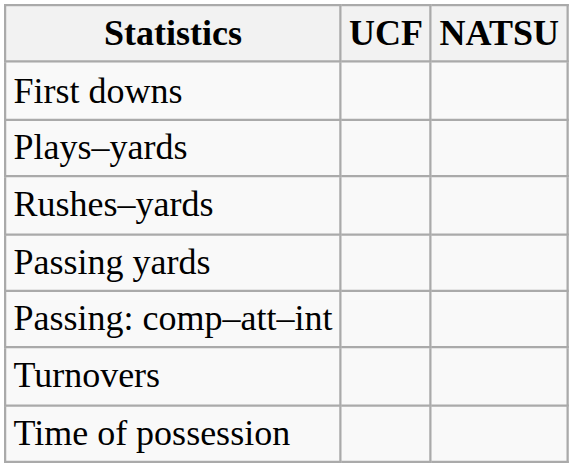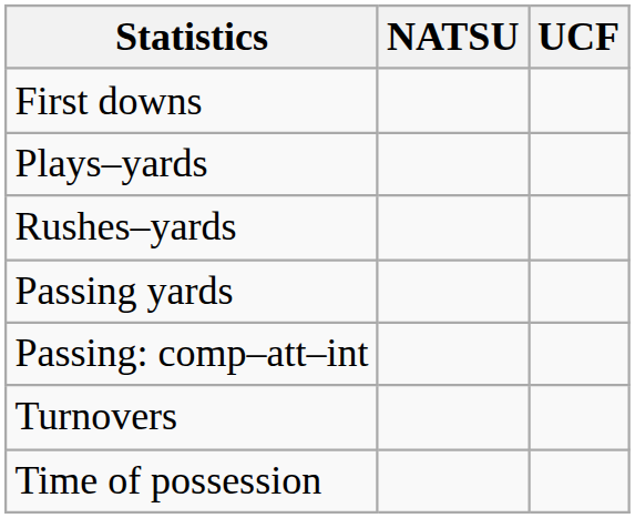 <table class="wikitable" style="float:left">
 <tr>
 <th>Statistics</th>
+<th>NATSU</th>
 <th>UCF</th>
-<th>NATSU</th>
 </tr>
 <tr>
 <td>First downs</td>
 <td></td>
 <td></td>
 </tr>
 <tr>
 <td>Plays–yards</td>
 <td></td>
 <td></td>
 </tr>
 <tr>
 <td>Rushes–yards</td>
 <td></td>
 <td></td>
 </tr>
 <tr>
 <td>Passing yards</td>
 <td></td>
 <td></td>
 </tr>
 <tr>
 <td>Passing: comp–att–int</td>
 <td></td>
 <td></td>
 </tr>
 <tr>
 <td>Turnovers</td>
 <td></td>
 <td></td>
 </tr>
 <tr>
 <td>Time of possession</td>
 <td></td>
 <td></td>
 </tr>
 </table>
